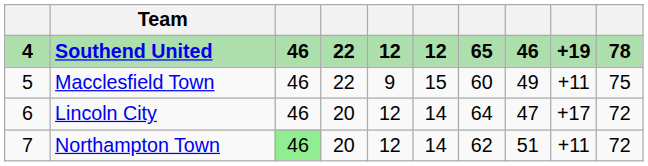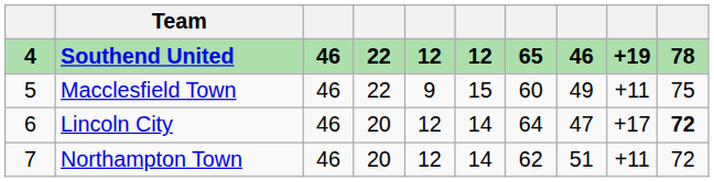 <table class="wikitable" style="text-align:center">
 <tr>
 <th width="30"></th>
 <th width="175">Team</th>
 <th width="30"></th>
 <th width="30"></th>
 <th width="30"></th>
 <th width="30"></th>
 <th width="30"></th>
 <th width="30"></th>
 <th width="30"></th>
 <th width="30"></th>
 </tr>
 <tr bgcolor=#ADDFAD>
 <td><strong>4</strong></td>
 <td align=left><strong><a href='#'>Southend United</a></strong></td>
 <td><strong>46</strong></td>
 <td><strong>22</strong></td>
 <td><strong>12</strong></td>
 <td><strong>12</strong></td>
 <td><strong>65</strong></td>
 <td><strong>46</strong></td>
 <td><strong>+19</strong></td>
 <td><strong>78</strong></td>
 </tr>
 <tr>
 <td>5</td>
 <td align=left><a href='#'>Macclesfield Town</a></td>
 <td>46</td>
 <td>22</td>
 <td>9</td>
 <td>15</td>
 <td>60</td>
 <td>49</td>
 <td>+11</td>
 <td>75</td>
 </tr>
 <tr>
 <td>6</td>
 <td align=left><a href='#'>Lincoln City</a></td>
 <td>46</td>
 <td>20</td>
 <td>12</td>
 <td>14</td>
 <td>64</td>
 <td>47</td>
 <td>+17</td>
-<td>72</td>
+<td><strong>72</strong></td>
 </tr>
 <tr>
 <td>7</td>
 <td align=left><a href='#'>Northampton Town</a></td>
-<td style="background: lightgreen;">46</td>
+<td>46</td>
 <td>20</td>
 <td>12</td>
 <td>14</td>
 <td>62</td>
 <td>51</td>
 <td>+11</td>
 <td>72</td>
 </tr>
 </table>
